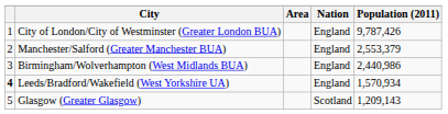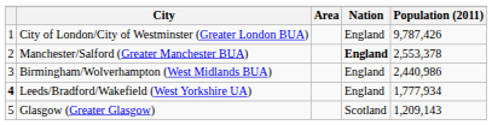 <table class="wikitable" style="display: inline-table;">
 <tr>
 </tr>
 <tr>
 <th></th>
 <th>City</th>
 <th>Area</th>
 <th>Nation</th>
 <th>Population (2011)</th>
 </tr>
 <tr>
 <td>1</td>
 <td>City of London/City of Westminster (<a href='#'>Greater London BUA</a>)</td>
 <td></td>
 <td>England</td>
 <td>9,787,426</td>
 </tr>
 <tr>
 <td>2</td>
 <td>Manchester/Salford (<a href='#'>Greater Manchester BUA</a>)</td>
 <td></td>
-<td>England</td>
-<td>2,553,379</td>
+<td><strong>England</strong></td>
+<td>2,553,378</td>
 </tr>
 <tr>
 <td>3</td>
 <td>Birmingham/Wolverhampton (<a href='#'>West Midlands BUA</a>)</td>
 <td></td>
 <td>England</td>
 <td>2,440,986</td>
 </tr>
 <tr>
 <td><strong>4</strong></td>
 <td>Leeds/Bradford/Wakefield (<a href='#'>West Yorkshire UA</a>)</td>
 <td></td>
 <td>England</td>
-<td>1,570,934</td>
+<td>1,777,934</td>
 </tr>
 <tr>
 <td>5</td>
 <td>Glasgow (<a href='#'>Greater Glasgow</a>)</td>
 <td></td>
 <td>Scotland</td>
 <td>1,209,143</td>
 </tr>
 </table>
